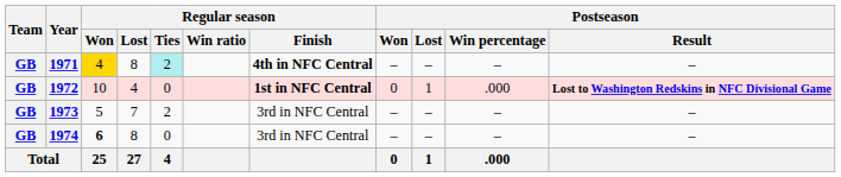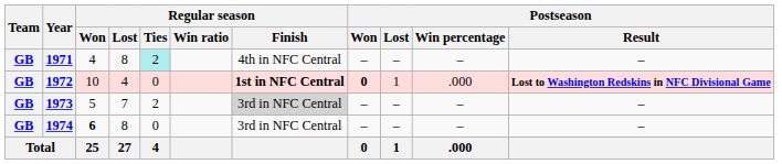 <table class="wikitable" style="font-size: 95%; text-align:center;">
 <tr>
 <th rowspan="2">Team</th>
 <th rowspan="2">Year</th>
 <th colspan="5">Regular season</th>
 <th colspan="4">Postseason</th>
 </tr>
 <tr>
 <th>Won</th>
 <th>Lost</th>
 <th>Ties</th>
 <th>Win ratio</th>
 <th>Finish</th>
 <th>Won</th>
 <th>Lost</th>
 <th>Win percentage</th>
 <th>Result</th>
 </tr>
 <tr>
 <th><a href='#'>GB</a></th>
 <th><a href='#'>1971</a></th>
-<td style="background: gold;">4</td>
+<td>4</td>
 <td>8</td>
 <td style="background: paleturquoise;">2</td>
 <td></td>
-<td><strong>4th in NFC Central</strong></td>
+<td>4th in NFC Central</td>
 <td>–</td>
 <td>–</td>
 <td>–</td>
 <td>–</td>
 </tr>
 <tr style="background:#fdd;">
 <th><a href='#'>GB</a></th>
 <th><a href='#'>1972</a></th>
 <td>10</td>
 <td>4</td>
 <td>0</td>
 <td></td>
 <td><strong>1st in NFC Central</strong></td>
-<td>0</td>
+<td><strong>0</strong></td>
 <td>1</td>
 <td>.000</td>
 <td><small><strong>Lost to <a href='#'>Washington Redskins</a> in <a href='#'>NFC Divisional Game</a></strong></small></td>
 </tr>
 <tr>
 <th><a href='#'>GB</a></th>
 <th><a href='#'>1973</a></th>
 <td>5</td>
 <td>7</td>
 <td>2</td>
 <td></td>
-<td>3rd in NFC Central</td>
+<td style="background: lightgrey;">3rd in NFC Central</td>
 <td>–</td>
 <td>–</td>
 <td>–</td>
 <td>–</td>
 </tr>
 <tr>
 <th><a href='#'>GB</a></th>
 <th><a href='#'>1974</a></th>
 <td><strong>6</strong></td>
 <td>8</td>
 <td>0</td>
 <td></td>
 <td>3rd in NFC Central</td>
 <td>–</td>
 <td>–</td>
 <td>–</td>
 <td>–</td>
 </tr>
 <tr>
 <th colspan="2">Total</th>
 <th>25</th>
 <th>27</th>
 <th>4</th>
 <th></th>
 <th></th>
 <th>0</th>
 <th>1</th>
 <th>.000</th>
 <th></th>
 </tr>
 </table>
